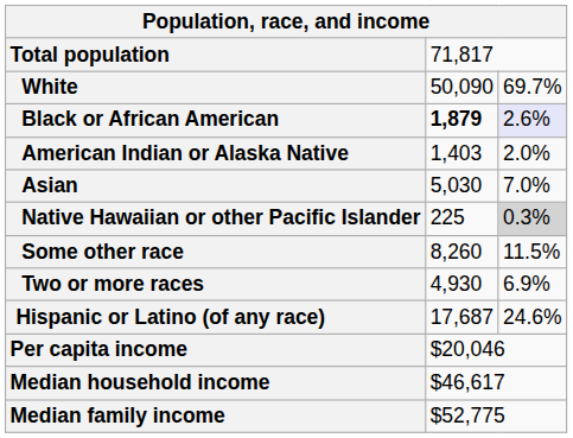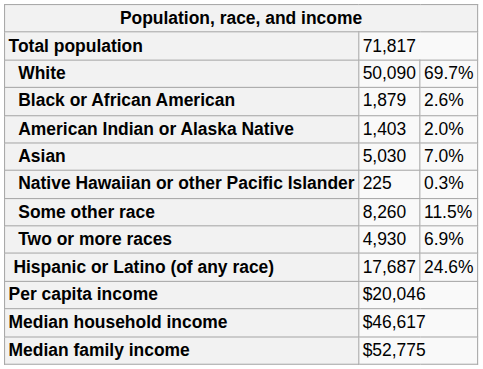 <table class="wikitable collapsible collapsed">
 <tr>
 <th colspan=6>Population, race, and income</th>
 </tr>
 <tr>
 <th scope="row" style="text-align: left;">Total population</th>
 <td colspan=2>71,817</td>
 </tr>
 <tr>
 <th scope="row" style="text-align: left;">  White</th>
 <td>50,090</td>
 <td>69.7%</td>
 </tr>
 <tr>
 <th scope="row" style="text-align: left;">  Black or African American</th>
-<td><strong>1,879</strong></td>
-<td style="background: lavender;">2.6%</td>
+<td>1,879</td>
+<td>2.6%</td>
 </tr>
 <tr>
 <th scope="row" style="text-align: left;">  American Indian or Alaska Native</th>
 <td>1,403</td>
 <td>2.0%</td>
 </tr>
 <tr>
 <th scope="row" style="text-align: left;">  Asian</th>
 <td>5,030</td>
 <td>7.0%</td>
 </tr>
 <tr>
 <th scope="row" style="text-align: left;">  Native Hawaiian or other Pacific Islander</th>
 <td>225</td>
-<td style="background: lightgrey;">0.3%</td>
+<td>0.3%</td>
 </tr>
 <tr>
 <th scope="row" style="text-align: left;">  Some other race</th>
 <td>8,260</td>
 <td>11.5%</td>
 </tr>
 <tr>
 <th scope="row" style="text-align: left;">  Two or more races</th>
 <td>4,930</td>
 <td>6.9%</td>
 </tr>
 <tr>
 <th scope="row" style="text-align: left;"> Hispanic or Latino (of any race)</th>
 <td>17,687</td>
 <td>24.6%</td>
 </tr>
 <tr>
 <th scope="row" style="text-align: left;">Per capita income</th>
 <td colspan=2>$20,046</td>
 </tr>
 <tr>
 <th scope="row" style="text-align: left;">Median household income</th>
 <td colspan=2>$46,617</td>
 </tr>
 <tr>
 <th scope="row" style="text-align: left;">Median family income</th>
 <td colspan=2>$52,775</td>
 </tr>
 </table>
